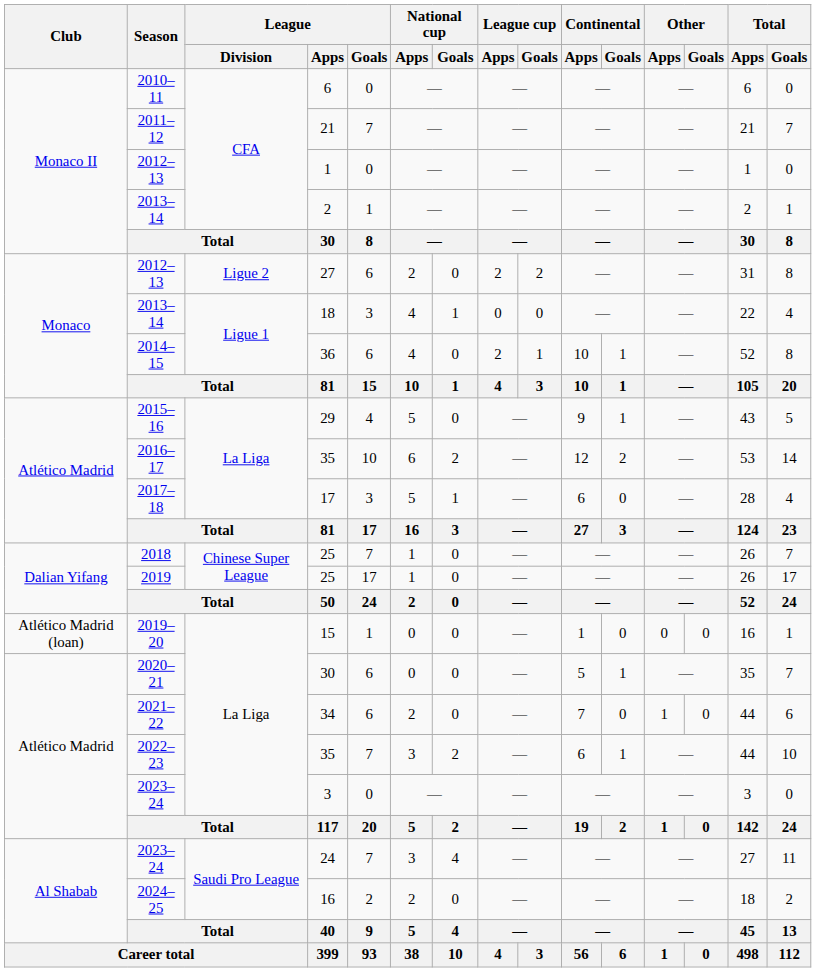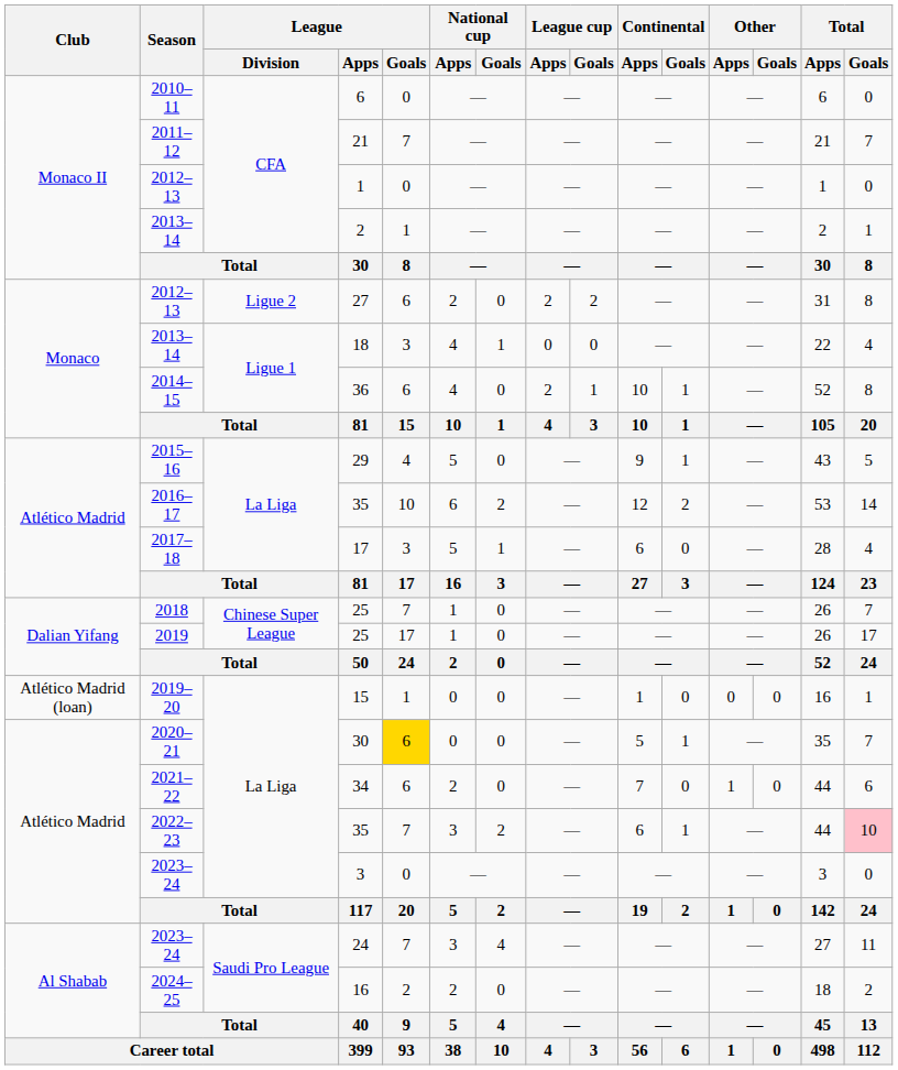 <table class="wikitable" style="text-align:center">
 <tr>
 <th rowspan="2">Club</th>
 <th rowspan="2">Season</th>
 <th colspan="3">League</th>
 <th colspan="2">National cup</th>
 <th colspan="2">League cup</th>
 <th colspan="2">Continental</th>
 <th colspan="2">Other</th>
 <th colspan="2">Total</th>
 </tr>
 <tr>
 <th>Division</th>
 <th>Apps</th>
 <th>Goals</th>
 <th>Apps</th>
 <th>Goals</th>
 <th>Apps</th>
 <th>Goals</th>
 <th>Apps</th>
 <th>Goals</th>
 <th>Apps</th>
 <th>Goals</th>
 <th>Apps</th>
 <th>Goals</th>
 </tr>
 <tr>
 <td rowspan="5"><a href='#'>Monaco II</a></td>
 <td><a href='#'>2010–11</a></td>
 <td rowspan="4"><a href='#'>CFA</a></td>
 <td>6</td>
 <td>0</td>
 <td colspan="2">—</td>
 <td colspan="2">—</td>
 <td colspan="2">—</td>
 <td colspan="2">—</td>
 <td>6</td>
 <td>0</td>
 </tr>
 <tr>
 <td><a href='#'>2011–12</a></td>
 <td>21</td>
 <td>7</td>
 <td colspan="2">—</td>
 <td colspan="2">—</td>
 <td colspan="2">—</td>
 <td colspan="2">—</td>
 <td>21</td>
 <td>7</td>
 </tr>
 <tr>
 <td><a href='#'>2012–13</a></td>
 <td>1</td>
 <td>0</td>
 <td colspan="2">—</td>
 <td colspan="2">—</td>
 <td colspan="2">—</td>
 <td colspan="2">—</td>
 <td>1</td>
 <td>0</td>
 </tr>
 <tr>
 <td><a href='#'>2013–14</a></td>
 <td>2</td>
 <td>1</td>
 <td colspan="2">—</td>
 <td colspan="2">—</td>
 <td colspan="2">—</td>
 <td colspan="2">—</td>
 <td>2</td>
 <td>1</td>
 </tr>
 <tr>
 <th colspan="2">Total</th>
 <th>30</th>
 <th>8</th>
 <th colspan="2">—</th>
 <th colspan="2">—</th>
 <th colspan="2">—</th>
 <th colspan="2">—</th>
 <th>30</th>
 <th>8</th>
 </tr>
 <tr>
 <td rowspan="4"><a href='#'>Monaco</a></td>
 <td><a href='#'>2012–13</a></td>
 <td><a href='#'>Ligue 2</a></td>
 <td>27</td>
 <td>6</td>
 <td>2</td>
 <td>0</td>
 <td>2</td>
 <td>2</td>
 <td colspan="2">—</td>
 <td colspan="2">—</td>
 <td>31</td>
 <td>8</td>
 </tr>
 <tr>
 <td><a href='#'>2013–14</a></td>
 <td rowspan="2"><a href='#'>Ligue 1</a></td>
 <td>18</td>
 <td>3</td>
 <td>4</td>
 <td>1</td>
 <td>0</td>
 <td>0</td>
 <td colspan="2">—</td>
 <td colspan="2">—</td>
 <td>22</td>
 <td>4</td>
 </tr>
 <tr>
 <td><a href='#'>2014–15</a></td>
 <td>36</td>
 <td>6</td>
 <td>4</td>
 <td>0</td>
 <td>2</td>
 <td>1</td>
 <td>10</td>
 <td>1</td>
 <td colspan="2">—</td>
 <td>52</td>
 <td>8</td>
 </tr>
 <tr>
 <th colspan="2">Total</th>
 <th>81</th>
 <th>15</th>
 <th>10</th>
 <th>1</th>
 <th>4</th>
 <th>3</th>
 <th>10</th>
 <th>1</th>
 <th colspan="2">—</th>
 <th>105</th>
 <th>20</th>
 </tr>
 <tr>
 <td rowspan="4"><a href='#'>Atlético Madrid</a></td>
 <td><a href='#'>2015–16</a></td>
 <td rowspan="3"><a href='#'>La Liga</a></td>
 <td>29</td>
 <td>4</td>
 <td>5</td>
 <td>0</td>
 <td colspan="2">—</td>
 <td>9</td>
 <td>1</td>
 <td colspan="2">—</td>
 <td>43</td>
 <td>5</td>
 </tr>
 <tr>
 <td><a href='#'>2016–17</a></td>
 <td>35</td>
 <td>10</td>
 <td>6</td>
 <td>2</td>
 <td colspan="2">—</td>
 <td>12</td>
 <td>2</td>
 <td colspan="2">—</td>
 <td>53</td>
 <td>14</td>
 </tr>
 <tr>
 <td><a href='#'>2017–18</a></td>
 <td>17</td>
 <td>3</td>
 <td>5</td>
 <td>1</td>
 <td colspan="2">—</td>
 <td>6</td>
 <td>0</td>
 <td colspan="2">—</td>
 <td>28</td>
 <td>4</td>
 </tr>
 <tr>
 <th colspan="2">Total</th>
 <th>81</th>
 <th>17</th>
 <th>16</th>
 <th>3</th>
 <th colspan="2">—</th>
 <th>27</th>
 <th>3</th>
 <th colspan="2">—</th>
 <th>124</th>
 <th>23</th>
 </tr>
 <tr>
 <td rowspan="3"><a href='#'>Dalian Yifang</a></td>
 <td><a href='#'>2018</a></td>
 <td rowspan="2"><a href='#'>Chinese Super League</a></td>
 <td>25</td>
 <td>7</td>
 <td>1</td>
 <td>0</td>
 <td colspan="2">—</td>
 <td colspan="2">—</td>
 <td colspan="2">—</td>
 <td>26</td>
 <td>7</td>
 </tr>
 <tr>
 <td><a href='#'>2019</a></td>
 <td>25</td>
 <td>17</td>
 <td>1</td>
 <td>0</td>
 <td colspan="2">—</td>
 <td colspan="2">—</td>
 <td colspan="2">—</td>
 <td>26</td>
 <td>17</td>
 </tr>
 <tr>
 <th colspan="2">Total</th>
 <th>50</th>
 <th>24</th>
 <th>2</th>
 <th>0</th>
 <th colspan="2">—</th>
 <th colspan="2">—</th>
 <th colspan="2">—</th>
 <th>52</th>
 <th>24</th>
 </tr>
 <tr>
 <td>Atlético Madrid (loan)</td>
 <td><a href='#'>2019–20</a></td>
 <td rowspan="5">La Liga</td>
 <td>15</td>
 <td>1</td>
 <td>0</td>
 <td>0</td>
 <td colspan="2">—</td>
 <td>1</td>
 <td>0</td>
 <td>0</td>
 <td>0</td>
 <td>16</td>
 <td>1</td>
 </tr>
 <tr>
 <td rowspan="5">Atlético Madrid</td>
 <td><a href='#'>2020–21</a></td>
 <td>30</td>
-<td>6</td>
+<td style="background: gold;">6</td>
 <td>0</td>
 <td>0</td>
 <td colspan="2">—</td>
 <td>5</td>
 <td>1</td>
 <td colspan="2">—</td>
 <td>35</td>
 <td>7</td>
 </tr>
 <tr>
 <td><a href='#'>2021–22</a></td>
 <td>34</td>
 <td>6</td>
 <td>2</td>
 <td>0</td>
 <td colspan="2">—</td>
 <td>7</td>
 <td>0</td>
 <td>1</td>
 <td>0</td>
 <td>44</td>
 <td>6</td>
 </tr>
 <tr>
 <td><a href='#'>2022–23</a></td>
 <td>35</td>
 <td>7</td>
 <td>3</td>
 <td>2</td>
 <td colspan="2">—</td>
 <td>6</td>
 <td>1</td>
 <td colspan="2">—</td>
 <td>44</td>
-<td>10</td>
+<td style="background: pink;">10</td>
 </tr>
 <tr>
 <td><a href='#'>2023–24</a></td>
 <td>3</td>
 <td>0</td>
 <td colspan="2">—</td>
 <td colspan="2">—</td>
 <td colspan="2">—</td>
 <td colspan="2">—</td>
 <td>3</td>
 <td>0</td>
 </tr>
 <tr>
 <th colspan="2">Total</th>
 <th>117</th>
 <th>20</th>
 <th>5</th>
 <th>2</th>
 <th colspan="2">—</th>
 <th>19</th>
 <th>2</th>
 <th>1</th>
 <th>0</th>
 <th>142</th>
 <th>24</th>
 </tr>
 <tr>
 <td rowspan="3"><a href='#'>Al Shabab</a></td>
 <td><a href='#'>2023–24</a></td>
 <td rowspan="2"><a href='#'>Saudi Pro League</a></td>
 <td>24</td>
 <td>7</td>
 <td>3</td>
 <td>4</td>
 <td colspan="2">—</td>
 <td colspan="2">—</td>
 <td colspan="2">—</td>
 <td>27</td>
 <td>11</td>
 </tr>
 <tr>
 <td><a href='#'>2024–25</a></td>
 <td>16</td>
 <td>2</td>
 <td>2</td>
 <td>0</td>
 <td colspan="2">—</td>
 <td colspan="2">—</td>
 <td colspan="2">—</td>
 <td>18</td>
 <td>2</td>
 </tr>
 <tr>
 <th colspan="2">Total</th>
 <th>40</th>
 <th>9</th>
 <th>5</th>
 <th>4</th>
 <th colspan="2">—</th>
 <th colspan="2">—</th>
 <th colspan="2">—</th>
 <th>45</th>
 <th>13</th>
 </tr>
 <tr>
 <th colspan="3">Career total</th>
 <th>399</th>
 <th>93</th>
 <th>38</th>
 <th>10</th>
 <th>4</th>
 <th>3</th>
 <th>56</th>
 <th>6</th>
 <th>1</th>
 <th>0</th>
 <th>498</th>
 <th>112</th>
 </tr>
 </table>
